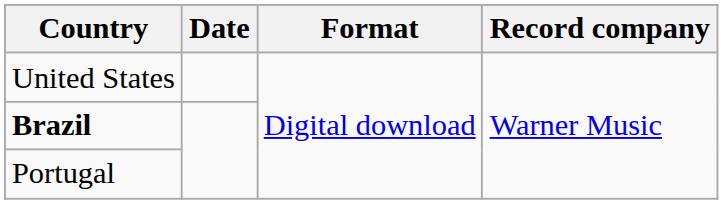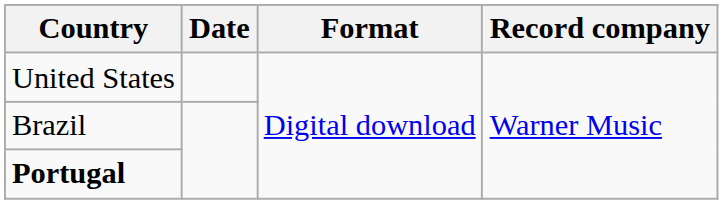 <table class="wikitable plainrowheaders">
 <tr>
 <th>Country</th>
 <th>Date</th>
 <th>Format</th>
 <th>Record company</th>
 </tr>
 <tr>
 <td>United States</td>
 <td></td>
 <td rowspan="3"><a href='#'>Digital download</a></td>
 <td rowspan="3"><a href='#'>Warner Music</a></td>
 </tr>
 <tr>
-<td><strong>Brazil</strong></td>
+<td>Brazil</td>
 <td rowspan="2"></td>
 </tr>
 <tr>
-<td>Portugal</td>
+<td><strong>Portugal</strong></td>
 </tr>
 </table>
